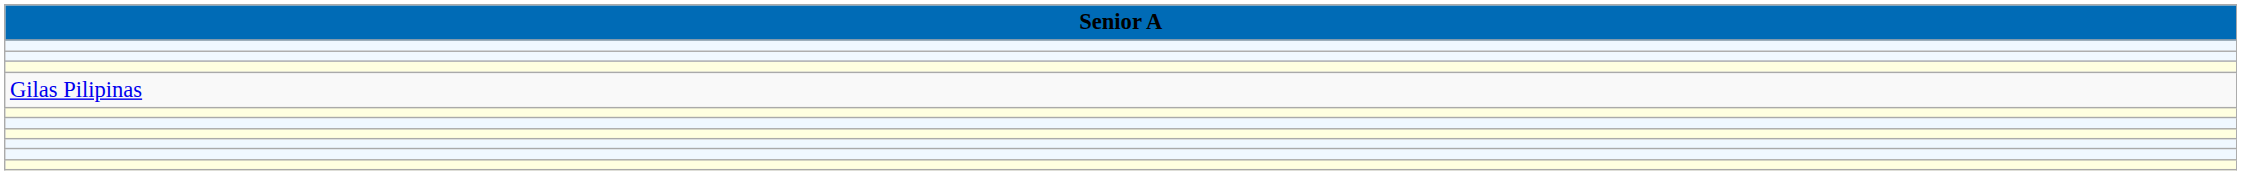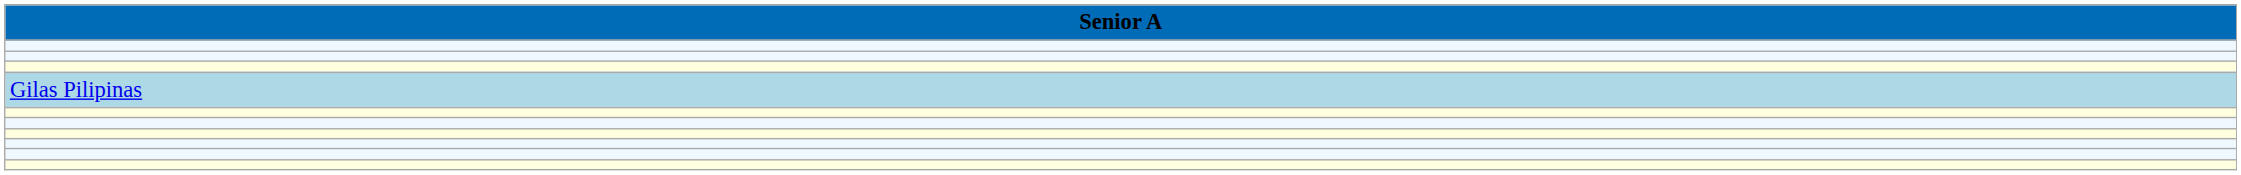 <table class="wikitable sortable" style="width:100%">
 <tr>
 <th style="background:#006BB6;" colspan=8><span>Senior A</span></th>
 </tr>
 <tr>
 <td bgcolor="#F0F8FF"></td>
 </tr>
 <tr>
 <td bgcolor="#F0F8FF"></td>
 </tr>
 <tr>
 <td bgcolor="#FFFFE0"></td>
 </tr>
 <tr>
-<td> <a href='#'>Gilas Pilipinas</a></td>
+<td style="background: lightblue;"> <a href='#'>Gilas Pilipinas</a></td>
 </tr>
 <tr>
 <td bgcolor="#FFFFE0"></td>
 </tr>
 <tr>
 <td bgcolor="#F0F8FF"></td>
 </tr>
 <tr>
 <td bgcolor="#FFFFE0"></td>
 </tr>
 <tr>
 <td bgcolor="#F0F8FF"></td>
 </tr>
 <tr>
 <td bgcolor="#F0F8FF"></td>
 </tr>
 <tr>
 <td bgcolor="#FFFFE0"></td>
 </tr>
 </table>
